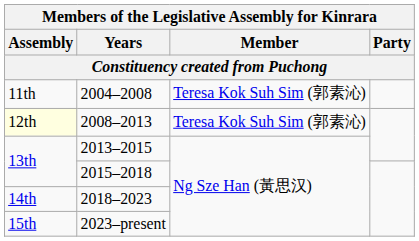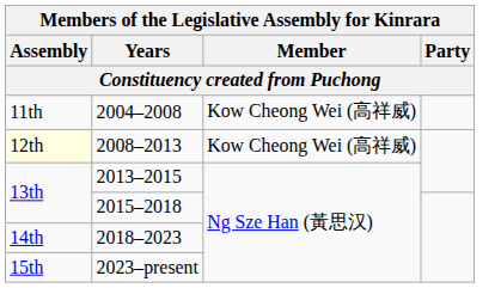 <table class=wikitable>
 <tr>
 <th colspan=4>Members of the Legislative Assembly for Kinrara</th>
 </tr>
 <tr>
 <th>Assembly</th>
 <th>Years</th>
 <th>Member</th>
 <th>Party</th>
 </tr>
 <tr>
 <th colspan=4 align=center><em>Constituency created from Puchong</em></th>
 </tr>
 <tr>
 <td>11th</td>
 <td>2004–2008</td>
-<td><a href='#'>Teresa Kok Suh Sim</a> (郭素沁)</td>
+<td>Kow Cheong Wei (高祥威)</td>
 <td></td>
 </tr>
 <tr>
 <td style="background: lightyellow;">12th</td>
 <td>2008–2013</td>
-<td><a href='#'>Teresa Kok Suh Sim</a> (郭素沁)</td>
+<td>Kow Cheong Wei (高祥威)</td>
 <td rowspan=2></td>
 </tr>
 <tr>
 <td rowspan=2><a href='#'>13th</a></td>
 <td>2013–2015</td>
 <td rowspan=4><a href='#'>Ng Sze Han</a> (黃思汉)</td>
 </tr>
 <tr>
 <td>2015–2018</td>
 <td rowspan=3></td>
 </tr>
 <tr>
 <td><a href='#'>14th</a></td>
 <td>2018–2023</td>
 </tr>
 <tr>
 <td><a href='#'>15th</a></td>
 <td>2023–present</td>
 </tr>
 </table>
